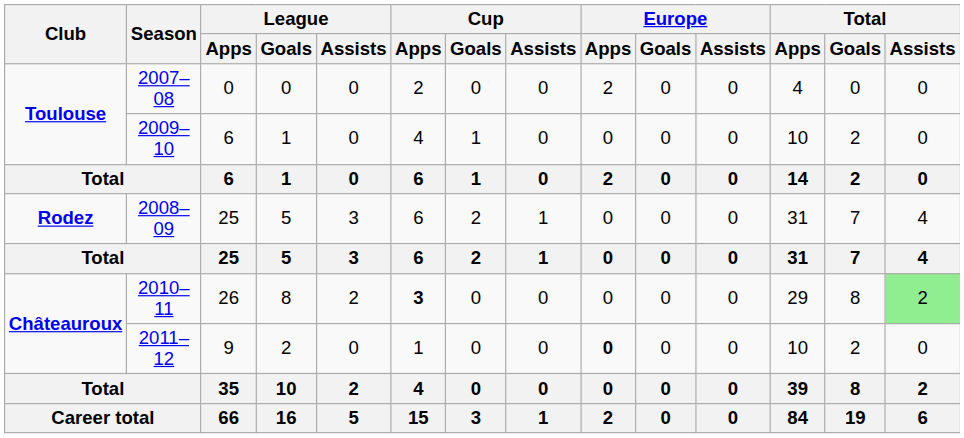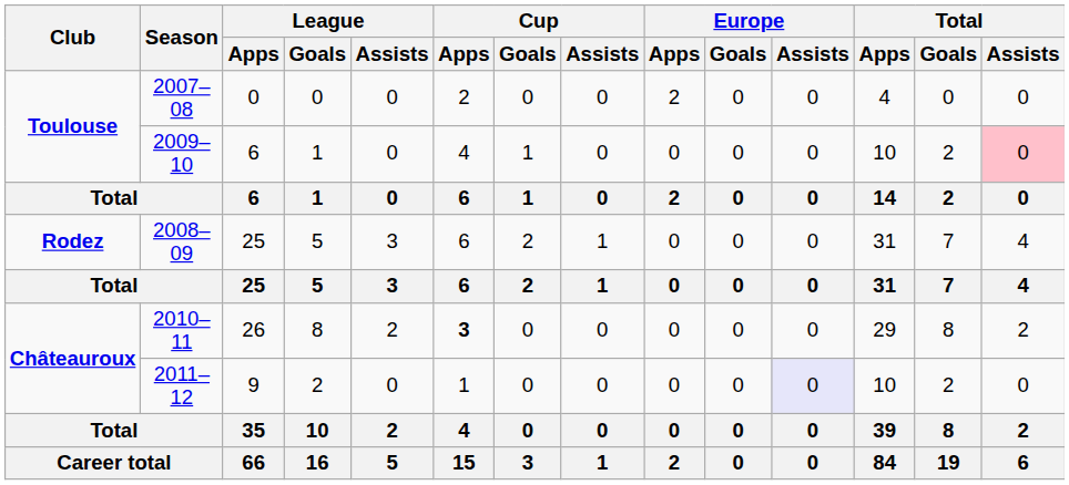 <table class="wikitable" style="font-size:100%; text-align: center;">
 <tr>
 <th rowspan="2">Club</th>
 <th rowspan="2">Season</th>
 <th colspan="3">League</th>
 <th colspan="3">Cup</th>
 <th colspan="3"><a href='#'>Europe</a></th>
 <th colspan="3">Total</th>
 </tr>
 <tr>
 <th>Apps</th>
 <th>Goals</th>
 <th>Assists</th>
 <th>Apps</th>
 <th>Goals</th>
 <th>Assists</th>
 <th>Apps</th>
 <th>Goals</th>
 <th>Assists</th>
 <th>Apps</th>
 <th>Goals</th>
 <th>Assists</th>
 </tr>
 <tr>
 <td rowspan="2" valign="center"><strong><a href='#'>Toulouse</a></strong></td>
 <td><a href='#'>2007–08</a></td>
 <td>0</td>
 <td>0</td>
 <td>0</td>
 <td>2</td>
 <td>0</td>
 <td>0</td>
 <td>2</td>
 <td>0</td>
 <td>0</td>
 <td>4</td>
 <td>0</td>
 <td>0</td>
 </tr>
 <tr>
 <td><a href='#'>2009–10</a></td>
 <td>6</td>
 <td>1</td>
 <td>0</td>
 <td>4</td>
 <td>1</td>
 <td>0</td>
 <td>0</td>
 <td>0</td>
 <td>0</td>
 <td>10</td>
 <td>2</td>
-<td>0</td>
+<td style="background: pink;">0</td>
 </tr>
 <tr>
 <th colspan="2">Total</th>
 <th>6</th>
 <th>1</th>
 <th>0</th>
 <th>6</th>
 <th>1</th>
 <th>0</th>
 <th>2</th>
 <th>0</th>
 <th>0</th>
 <th>14</th>
 <th>2</th>
 <th>0</th>
 </tr>
 <tr>
 <td rowspan="1" valign="center"><strong><a href='#'>Rodez</a></strong></td>
 <td><a href='#'>2008–09</a></td>
 <td>25</td>
 <td>5</td>
 <td>3</td>
 <td>6</td>
 <td>2</td>
 <td>1</td>
 <td>0</td>
 <td>0</td>
 <td>0</td>
 <td>31</td>
 <td>7</td>
 <td>4</td>
 </tr>
 <tr>
 <th colspan="2">Total</th>
 <th>25</th>
 <th>5</th>
 <th>3</th>
 <th>6</th>
 <th>2</th>
 <th>1</th>
 <th>0</th>
 <th>0</th>
 <th>0</th>
 <th>31</th>
 <th>7</th>
 <th>4</th>
 </tr>
 <tr>
 <td rowspan="2" valign="center"><strong><a href='#'>Châteauroux</a></strong></td>
 <td><a href='#'>2010–11</a></td>
 <td>26</td>
 <td>8</td>
 <td>2</td>
 <td><strong>3</strong></td>
 <td>0</td>
 <td>0</td>
 <td>0</td>
 <td>0</td>
 <td>0</td>
 <td>29</td>
 <td>8</td>
-<td style="background: lightgreen;">2</td>
+<td>2</td>
 </tr>
 <tr>
 <td><a href='#'>2011–12</a></td>
 <td>9</td>
 <td>2</td>
 <td>0</td>
 <td>1</td>
 <td>0</td>
 <td>0</td>
-<td><strong>0</strong></td>
 <td>0</td>
 <td>0</td>
+<td style="background: lavender;">0</td>
 <td>10</td>
 <td>2</td>
 <td>0</td>
 </tr>
 <tr>
 <th colspan="2">Total</th>
 <th>35</th>
 <th>10</th>
 <th>2</th>
 <th>4</th>
 <th>0</th>
 <th>0</th>
 <th>0</th>
 <th>0</th>
 <th>0</th>
 <th>39</th>
 <th>8</th>
 <th>2</th>
 </tr>
 <tr>
 <th colspan="2">Career total</th>
 <th>66</th>
 <th>16</th>
 <th>5</th>
 <th>15</th>
 <th>3</th>
 <th>1</th>
 <th>2</th>
 <th>0</th>
 <th>0</th>
 <th>84</th>
 <th>19</th>
 <th>6</th>
 </tr>
 </table>
